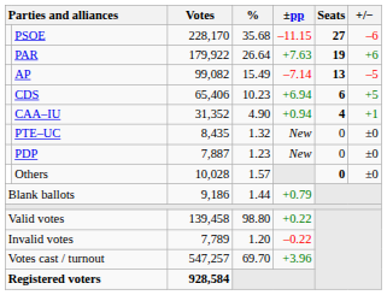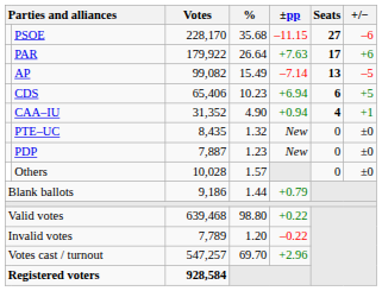 <table class="wikitable" style="text-align:right;">
 <tr>
 <th style="text-align:left;" colspan="2" width="200">Parties and alliances</th>
 <th width="75">Votes</th>
 <th width="45">%</th>
 <th width="45">±<a href='#'>pp</a></th>
 <th width="35">Seats</th>
 <th width="35">+/−</th>
 </tr>
 <tr>
 <td width="1" style="color:inherit;background:"></td>
 <td align="left"><a href='#'>PSOE</a></td>
 <td>228,170</td>
 <td>35.68</td>
 <td style="color:red;">–11.15</td>
 <td><strong>27</strong></td>
 <td style="color:red;">–6</td>
 </tr>
 <tr>
 <td style="color:inherit;background:"></td>
 <td align="left"><a href='#'>PAR</a></td>
 <td>179,922</td>
 <td>26.64</td>
 <td style="color:green;">+7.63</td>
-<td><strong>19</strong></td>
+<td><strong>17</strong></td>
 <td style="color:green;">+6</td>
 </tr>
 <tr>
 <td style="color:inherit;background:"></td>
 <td align="left"><a href='#'>AP</a></td>
 <td>99,082</td>
 <td>15.49</td>
 <td style="color:red;">–7.14</td>
 <td><strong>13</strong></td>
 <td style="color:red;">–5</td>
 </tr>
 <tr>
 <td style="color:inherit;background:"></td>
 <td align="left"><a href='#'>CDS</a></td>
 <td>65,406</td>
 <td>10.23</td>
 <td style="color:green;">+6.94</td>
 <td><strong>6</strong></td>
 <td style="color:green;">+5</td>
 </tr>
 <tr>
 <td style="color:inherit;background:"></td>
 <td align="left"><a href='#'>CAA–IU</a></td>
 <td>31,352</td>
 <td>4.90</td>
 <td style="color:green;">+0.94</td>
 <td><strong>4</strong></td>
 <td style="color:green;">+1</td>
 </tr>
 <tr>
 <td style="color:inherit;background:"></td>
 <td align="left"><a href='#'>PTE–UC</a></td>
 <td>8,435</td>
 <td>1.32</td>
 <td><em>New</em></td>
 <td>0</td>
 <td>±0</td>
 </tr>
 <tr>
 <td style="color:inherit;background:"></td>
 <td align="left"><a href='#'>PDP</a></td>
 <td>7,887</td>
 <td>1.23</td>
 <td><em>New</em></td>
 <td>0</td>
 <td>±0</td>
 </tr>
 <tr>
 <td bgcolor="white"></td>
 <td align="left">Others</td>
 <td>10,028</td>
 <td>1.57</td>
 <td bgcolor="#E9E9E9"></td>
-<td><strong>0</strong></td>
+<td>0</td>
 <td>±0</td>
 </tr>
 <tr>
 <td align="left" colspan="2">Blank ballots</td>
 <td>9,186</td>
 <td>1.44</td>
 <td style="color:green;">+0.79</td>
 <td bgcolor="#E9E9E9" colspan="2"></td>
 </tr>
 <tr>
 <td colspan="7" bgcolor="#E9E9E9"></td>
 </tr>
 <tr>
 <td align="left" colspan="2">Valid votes</td>
-<td>139,458</td>
+<td>639,468</td>
 <td>98.80</td>
 <td style="color:green;">+0.22</td>
 <td bgcolor="#E9E9E9" colspan="2" rowspan="4"></td>
 </tr>
 <tr>
 <td align="left" colspan="2">Invalid votes</td>
 <td>7,789</td>
 <td>1.20</td>
 <td style="color:red;">–0.22</td>
 </tr>
 <tr>
 <td align="left" colspan="2">Votes cast / turnout</td>
 <td>547,257</td>
 <td>69.70</td>
-<td style="color:green;">+3.96</td>
+<td style="color:green;">+2.96</td>
 </tr>
 <tr style="font-weight:bold;">
 <td align="left" colspan="2">Registered voters</td>
 <td>928,584</td>
 <td bgcolor="#E9E9E9" colspan="2"></td>
 </tr>
 </table>
